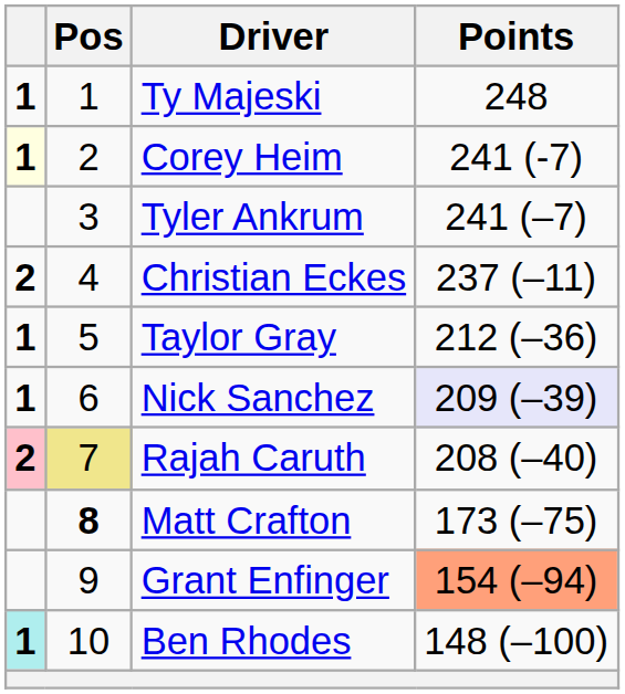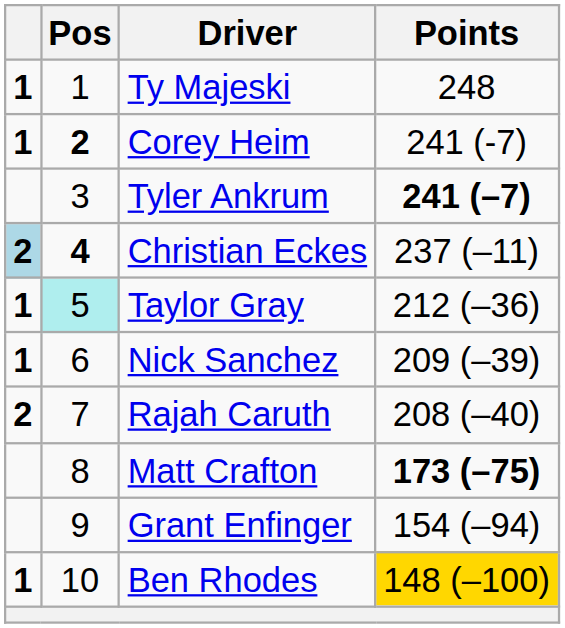 <table class="wikitable" style="font-size: 95%;">
 <tr>
 <th></th>
 <th>Pos</th>
 <th>Driver</th>
 <th>Points</th>
 </tr>
 <tr>
 <td align="left"> <strong>1</strong></td>
 <td style="text-align:center;">1</td>
 <td><a href='#'>Ty Majeski</a></td>
 <td style="text-align:center;">248</td>
 </tr>
 <tr>
-<td align="left" style="background: lightyellow;"> <strong>1</strong></td>
-<td style="text-align:center;">2</td>
+<td align="left"> <strong>1</strong></td>
+<td style="text-align:center;"><strong>2</strong></td>
 <td><a href='#'>Corey Heim</a></td>
 <td style="text-align:center;">241 (-7)</td>
 </tr>
 <tr>
 <td align="left"></td>
 <td style="text-align:center;">3</td>
 <td><a href='#'>Tyler Ankrum</a></td>
-<td style="text-align:center;">241 (–7)</td>
+<td style="text-align:center;"><strong>241 (–7)</strong></td>
 </tr>
 <tr>
-<td align="left"> <strong>2</strong></td>
-<td style="text-align:center;">4</td>
+<td align="left" style="background: lightblue;"> <strong>2</strong></td>
+<td style="text-align:center;"><strong>4</strong></td>
 <td><a href='#'>Christian Eckes</a></td>
 <td style="text-align:center;">237 (–11)</td>
 </tr>
 <tr>
 <td align="left"> <strong>1</strong></td>
-<td style="text-align:center;">5</td>
+<td style="background: paleturquoise; text-align:center;">5</td>
 <td><a href='#'>Taylor Gray</a></td>
 <td style="text-align:center;">212 (–36)</td>
 </tr>
 <tr>
 <td align="left"> <strong>1</strong></td>
 <td style="text-align:center;">6</td>
 <td><a href='#'>Nick Sanchez</a></td>
-<td style="background: lavender; text-align:center;">209 (–39)</td>
+<td style="text-align:center;">209 (–39)</td>
 </tr>
 <tr>
-<td align="left" style="background: pink;"> <strong>2</strong></td>
-<td style="background: khaki; text-align:center;">7</td>
+<td align="left"> <strong>2</strong></td>
+<td style="text-align:center;">7</td>
 <td><a href='#'>Rajah Caruth</a></td>
 <td style="text-align:center;">208 (–40)</td>
 </tr>
 <tr>
 <td align="left"></td>
-<td style="text-align:center;"><strong>8</strong></td>
+<td style="text-align:center;">8</td>
 <td><a href='#'>Matt Crafton</a></td>
-<td style="text-align:center;">173 (–75)</td>
+<td style="text-align:center;"><strong>173 (–75)</strong></td>
 </tr>
 <tr>
 <td align="left"></td>
 <td style="text-align:center;">9</td>
 <td><a href='#'>Grant Enfinger</a></td>
-<td style="background: lightsalmon; text-align:center;">154 (–94)</td>
+<td style="text-align:center;">154 (–94)</td>
 </tr>
 <tr>
-<td align="left" style="background: paleturquoise;"> <strong>1</strong></td>
+<td align="left"> <strong>1</strong></td>
 <td style="text-align:center;">10</td>
 <td><a href='#'>Ben Rhodes</a></td>
-<td style="text-align:center;">148 (–100)</td>
+<td style="background: gold; text-align:center;">148 (–100)</td>
 </tr>
 <tr class="sortbottom">
 <th colspan="9"></th>
 </tr>
 </table>
